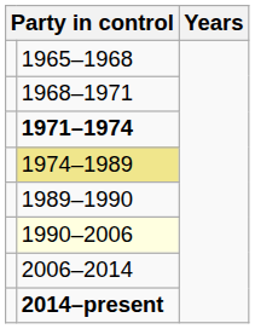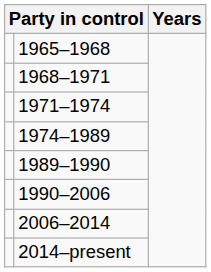 <table class="wikitable">
 <tr>
 <th colspan=2>Party in control</th>
 <th>Years</th>
 </tr>
 <tr>
 <td></td>
 <td>1965–1968</td>
 </tr>
 <tr>
 <td></td>
 <td>1968–1971</td>
 </tr>
 <tr>
 <td></td>
-<td><strong>1971–1974</strong></td>
+<td>1971–1974</td>
 </tr>
 <tr>
 <td></td>
-<td style="background: khaki;">1974–1989</td>
+<td>1974–1989</td>
 </tr>
 <tr>
 <td></td>
 <td>1989–1990</td>
 </tr>
 <tr>
 <td></td>
-<td style="background: lightyellow;">1990–2006</td>
+<td>1990–2006</td>
 </tr>
 <tr>
 <td></td>
 <td>2006–2014</td>
 </tr>
 <tr>
 <td></td>
-<td><strong>2014–present</strong></td>
+<td>2014–present</td>
 </tr>
 </table>
